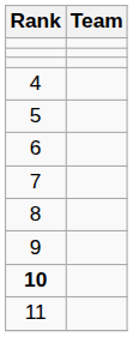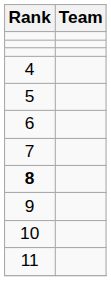 <table class="wikitable">
 <tr>
 <th>Rank</th>
 <th>Team</th>
 </tr>
 <tr>
 <td align=center></td>
 <td></td>
 </tr>
 <tr>
 <td align=center></td>
 <td></td>
 </tr>
 <tr>
 <td align=center></td>
 <td></td>
 </tr>
 <tr>
 <td align=center>4</td>
 <td></td>
 </tr>
 <tr>
 <td align=center>5</td>
 <td></td>
 </tr>
 <tr>
 <td align=center>6</td>
 <td></td>
 </tr>
 <tr>
 <td align=center>7</td>
 <td></td>
 </tr>
 <tr>
-<td align=center>8</td>
+<td align=center><strong>8</strong></td>
 <td></td>
 </tr>
 <tr>
 <td align=center>9</td>
 <td></td>
 </tr>
 <tr>
-<td align=center><strong>10</strong></td>
+<td align=center>10</td>
 <td></td>
 </tr>
 <tr>
 <td align=center>11</td>
 <td></td>
 </tr>
 <tr>
 </tr>
 </table>
